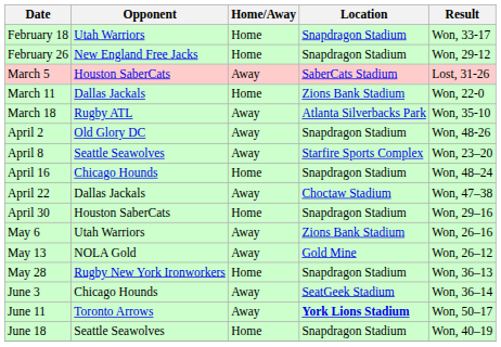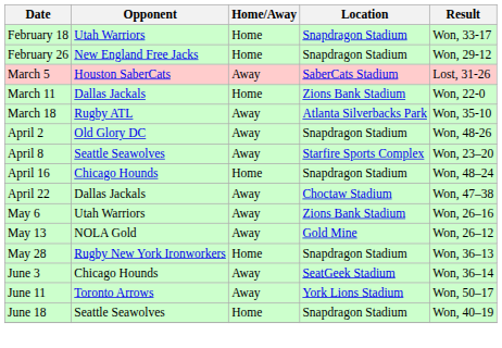 <table class="wikitable">
 <tr>
 <th>Date</th>
 <th>Opponent</th>
 <th>Home/Away</th>
 <th>Location</th>
 <th>Result</th>
 </tr>
 <tr bgcolor="CCFFCC">
 <td>February 18</td>
 <td><a href='#'>Utah Warriors</a></td>
 <td>Home</td>
 <td><a href='#'>Snapdragon Stadium</a></td>
 <td>Won, 33-17</td>
 </tr>
 <tr bgcolor="CCFFCC">
 <td>February 26</td>
 <td><a href='#'>New England Free Jacks</a></td>
 <td>Home</td>
 <td>Snapdragon Stadium</td>
 <td>Won, 29-12</td>
 </tr>
 <tr bgcolor="FFCCCC">
 <td>March 5</td>
 <td><a href='#'>Houston SaberCats</a></td>
 <td>Away</td>
 <td><a href='#'>SaberCats Stadium</a></td>
 <td>Lost, 31-26</td>
 </tr>
 <tr bgcolor="CCFFCC">
 <td>March 11</td>
 <td><a href='#'>Dallas Jackals</a></td>
 <td>Home</td>
 <td><a href='#'>Zions Bank Stadium</a></td>
 <td>Won, 22-0</td>
 </tr>
 <tr bgcolor="CCFFCC">
 <td>March 18</td>
 <td><a href='#'>Rugby ATL</a></td>
 <td>Away</td>
 <td><a href='#'>Atlanta Silverbacks Park</a></td>
 <td>Won, 35-10</td>
 </tr>
 <tr bgcolor="CCFFCC">
 <td>April 2</td>
 <td><a href='#'>Old Glory DC</a></td>
 <td>Away</td>
 <td>Snapdragon Stadium</td>
 <td>Won, 48-26</td>
 </tr>
 <tr bgcolor="#CCFFCC">
 <td>April 8</td>
 <td><a href='#'>Seattle Seawolves</a></td>
 <td>Away</td>
 <td><a href='#'>Starfire Sports Complex</a></td>
 <td>Won, 23–20</td>
 </tr>
 <tr bgcolor="#CCFFCC">
 <td>April 16</td>
 <td><a href='#'>Chicago Hounds</a></td>
 <td>Home</td>
 <td>Snapdragon Stadium</td>
 <td>Won, 48–24</td>
 </tr>
 <tr bgcolor="#CCFFCC">
 <td>April 22</td>
 <td>Dallas Jackals</td>
 <td>Away</td>
 <td><a href='#'>Choctaw Stadium</a></td>
 <td>Won, 47–38</td>
 </tr>
 <tr bgcolor="#CCFFCC">
-<td>April 30</td>
-<td>Houston SaberCats</td>
-<td>Home</td>
-<td>Snapdragon Stadium</td>
-<td>Won, 29–16</td>
-</tr>
-<tr bgcolor="#CCFFCC">
 <td>May 6</td>
 <td>Utah Warriors</td>
 <td>Away</td>
 <td><a href='#'>Zions Bank Stadium</a></td>
 <td>Won, 26–16</td>
 </tr>
 <tr bgcolor="#CCFFCC">
 <td>May 13</td>
 <td>NOLA Gold</td>
 <td>Away</td>
 <td><a href='#'>Gold Mine</a></td>
 <td>Won, 26–12</td>
 </tr>
 <tr bgcolor="#CCFFCC">
 <td>May 28</td>
 <td><a href='#'>Rugby New York Ironworkers</a></td>
 <td>Home</td>
 <td>Snapdragon Stadium</td>
 <td>Won, 36–13</td>
 </tr>
 <tr bgcolor="#CCFFCC">
 <td>June 3</td>
 <td>Chicago Hounds</td>
 <td>Away</td>
 <td><a href='#'>SeatGeek Stadium</a></td>
 <td>Won, 36–14</td>
 </tr>
 <tr bgcolor="#CCFFCC">
 <td>June 11</td>
 <td><a href='#'>Toronto Arrows</a></td>
 <td>Away</td>
-<td><strong><a href='#'>York Lions Stadium</a></strong></td>
+<td><a href='#'>York Lions Stadium</a></td>
 <td>Won, 50–17</td>
 </tr>
 <tr bgcolor="#CCFFCC">
 <td>June 18</td>
 <td>Seattle Seawolves</td>
 <td>Home</td>
 <td>Snapdragon Stadium</td>
 <td>Won, 40–19</td>
 </tr>
 <tr>
 </tr>
 </table>
